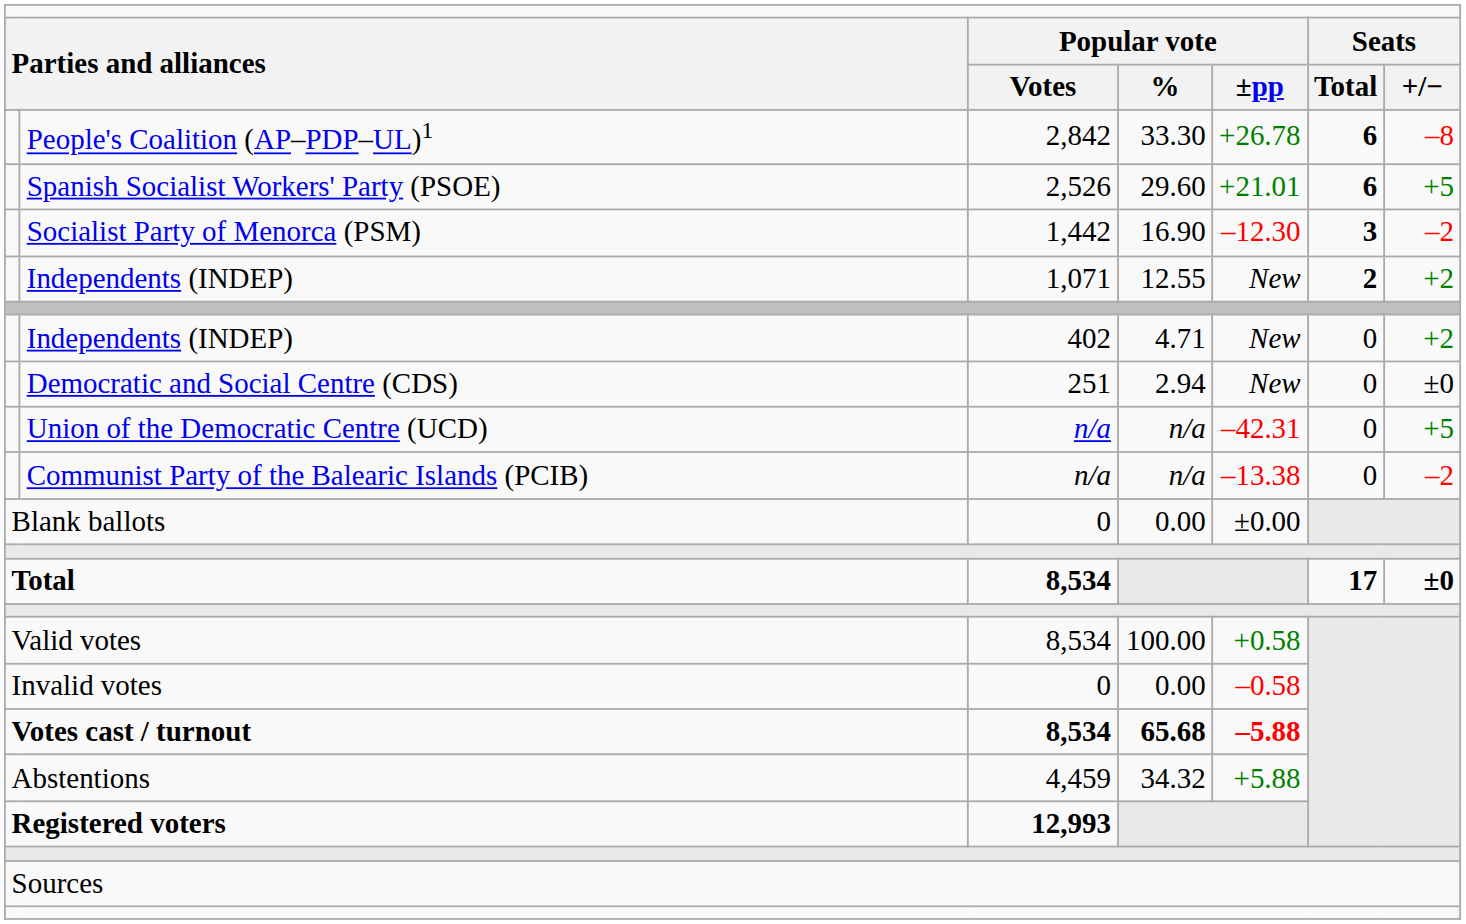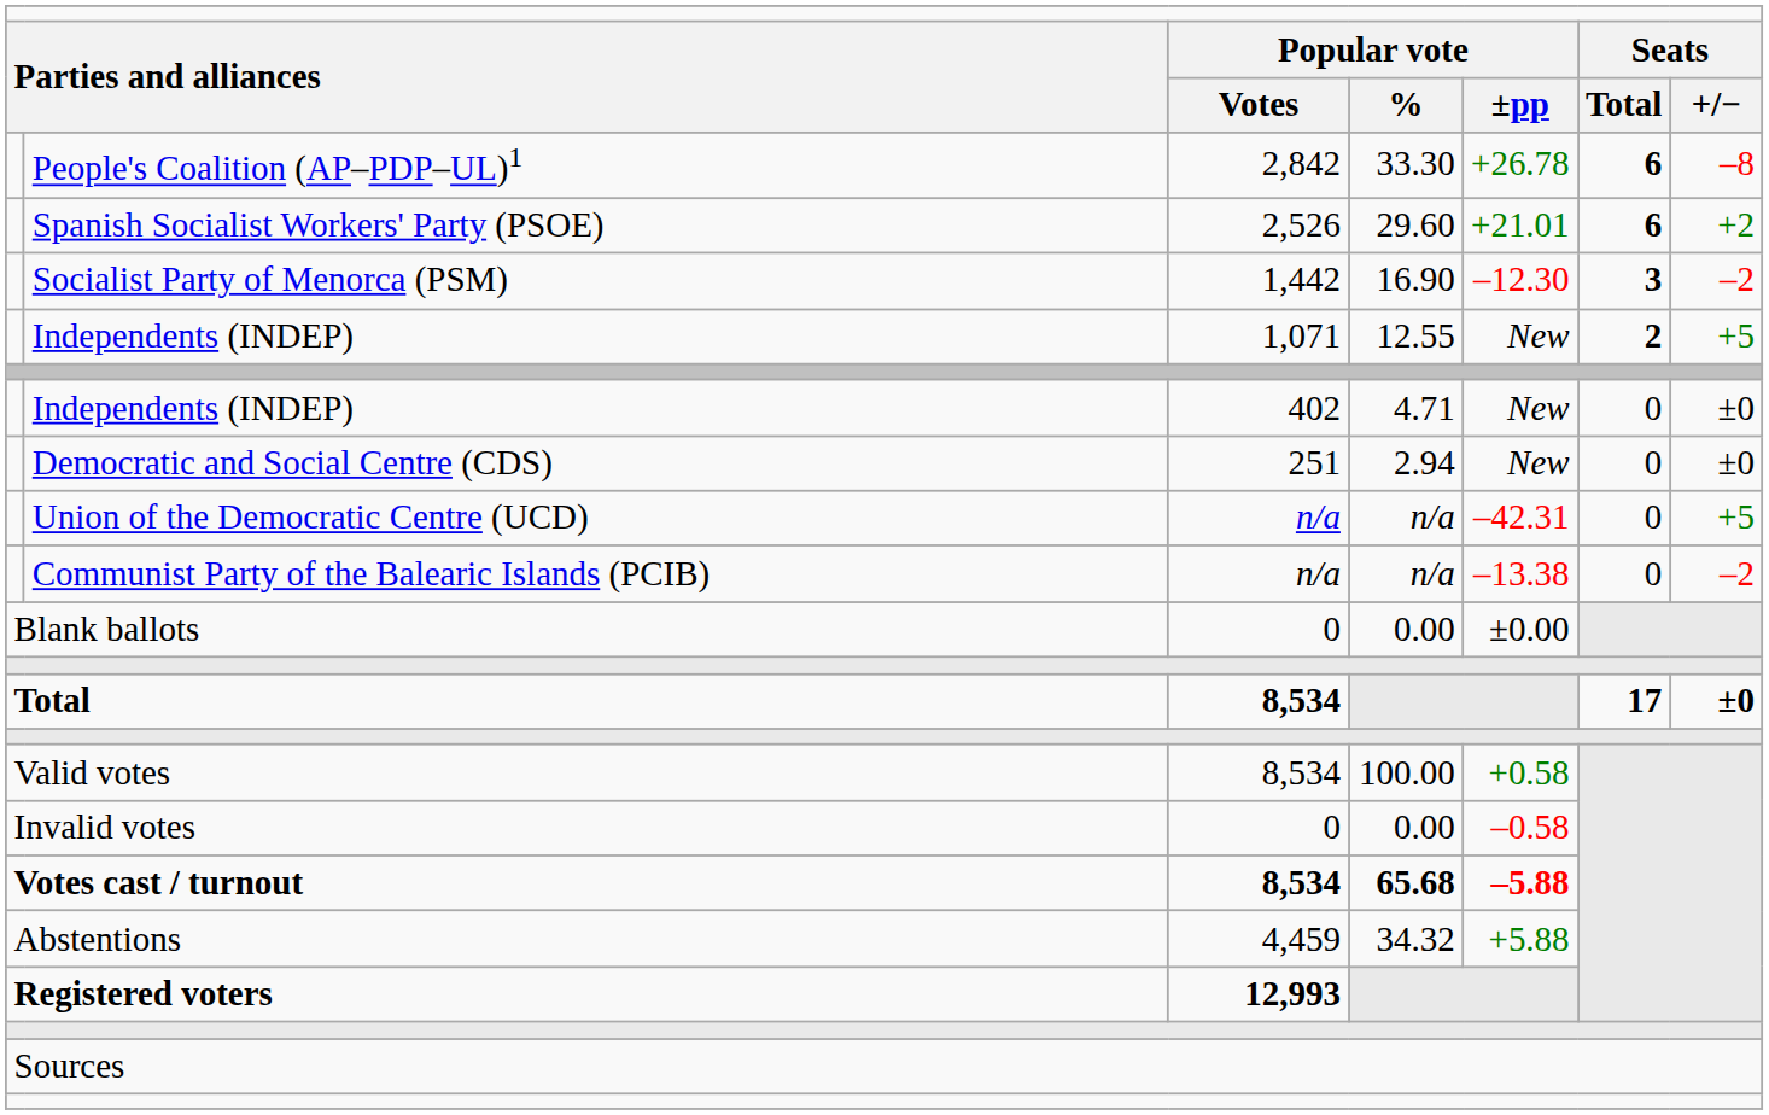 <table class="wikitable" style="text-align:right;">
 <tr>
 <td colspan="7"></td>
 </tr>
 <tr>
 <th style="text-align:left;" rowspan="2" colspan="2" width="525">Parties and alliances</th>
 <th colspan="3">Popular vote</th>
 <th colspan="2">Seats</th>
 </tr>
 <tr>
 <th width="75">Votes</th>
 <th width="45">%</th>
 <th width="45">±<a href='#'>pp</a></th>
 <th width="35">Total</th>
 <th width="35">+/−</th>
 </tr>
 <tr>
 <td width="1" style="color:inherit;background:"></td>
 <td align="left"><a href='#'>People's Coalition</a> (<a href='#'>AP</a>–<a href='#'>PDP</a>–<a href='#'>UL</a>)<sup>1</sup></td>
 <td>2,842</td>
 <td>33.30</td>
 <td style="color:green;">+26.78</td>
 <td><strong>6</strong></td>
 <td style="color:red;">–8</td>
 </tr>
 <tr>
 <td style="color:inherit;background:"></td>
 <td align="left"><a href='#'>Spanish Socialist Workers' Party</a> (PSOE)</td>
 <td>2,526</td>
 <td>29.60</td>
 <td style="color:green;">+21.01</td>
 <td><strong>6</strong></td>
-<td style="color:green;">+5</td>
+<td style="color:green;">+2</td>
 </tr>
 <tr>
 <td style="color:inherit;background:"></td>
 <td align="left"><a href='#'>Socialist Party of Menorca</a> (PSM)</td>
 <td>1,442</td>
 <td>16.90</td>
 <td style="color:red;">–12.30</td>
 <td><strong>3</strong></td>
 <td style="color:red;">–2</td>
 </tr>
 <tr>
 <td style="color:inherit;background:"></td>
 <td align="left"><a href='#'>Independents</a> (INDEP)</td>
 <td>1,071</td>
 <td>12.55</td>
 <td><em>New</em></td>
 <td><strong>2</strong></td>
-<td style="color:green;">+2</td>
+<td style="color:green;">+5</td>
 </tr>
 <tr>
 <td colspan="7" bgcolor="#C0C0C0"></td>
 </tr>
 <tr>
 <td style="color:inherit;background:"></td>
 <td align="left"><a href='#'>Independents</a> (INDEP)</td>
 <td>402</td>
 <td>4.71</td>
 <td><em>New</em></td>
 <td>0</td>
-<td style="color:green;">+2</td>
+<td>±0</td>
 </tr>
 <tr>
 <td style="color:inherit;background:"></td>
 <td align="left"><a href='#'>Democratic and Social Centre</a> (CDS)</td>
 <td>251</td>
 <td>2.94</td>
 <td><em>New</em></td>
 <td>0</td>
 <td>±0</td>
 </tr>
 <tr>
 <td style="color:inherit;background:"></td>
 <td align="left"><a href='#'>Union of the Democratic Centre</a> (UCD)</td>
 <td><em><a href='#'>n/a</a></em></td>
 <td><em>n/a</em></td>
 <td style="color:red;">–42.31</td>
 <td>0</td>
 <td style="color:green;">+5</td>
 </tr>
 <tr>
 <td style="color:inherit;background:"></td>
 <td align="left"><a href='#'>Communist Party of the Balearic Islands</a> (PCIB)</td>
 <td><em>n/a</em></td>
 <td><em>n/a</em></td>
 <td style="color:red;">–13.38</td>
 <td>0</td>
 <td style="color:red;">–2</td>
 </tr>
 <tr>
 <td align="left" colspan="2">Blank ballots</td>
 <td>0</td>
 <td>0.00</td>
 <td>±0.00</td>
 <td bgcolor="#E9E9E9" colspan="2"></td>
 </tr>
 <tr>
 <td colspan="7" bgcolor="#E9E9E9"></td>
 </tr>
 <tr style="font-weight:bold;">
 <td align="left" colspan="2">Total</td>
 <td>8,534</td>
 <td bgcolor="#E9E9E9" colspan="2"></td>
 <td>17</td>
 <td>±0</td>
 </tr>
 <tr>
 <td colspan="7" bgcolor="#E9E9E9"></td>
 </tr>
 <tr>
 <td align="left" colspan="2">Valid votes</td>
 <td>8,534</td>
 <td>100.00</td>
 <td style="color:green;">+0.58</td>
 <td bgcolor="#E9E9E9" colspan="2" rowspan="5"></td>
 </tr>
 <tr>
 <td align="left" colspan="2">Invalid votes</td>
 <td>0</td>
 <td>0.00</td>
 <td style="color:red;">–0.58</td>
 </tr>
 <tr style="font-weight:bold;">
 <td align="left" colspan="2">Votes cast / turnout</td>
 <td>8,534</td>
 <td>65.68</td>
 <td style="color:red;">–5.88</td>
 </tr>
 <tr>
 <td align="left" colspan="2">Abstentions</td>
 <td>4,459</td>
 <td>34.32</td>
 <td style="color:green;">+5.88</td>
 </tr>
 <tr style="font-weight:bold;">
 <td align="left" colspan="2">Registered voters</td>
 <td>12,993</td>
 <td bgcolor="#E9E9E9" colspan="2"></td>
 </tr>
 <tr>
 <td colspan="7" bgcolor="#E9E9E9"></td>
 </tr>
 <tr>
 <td align="left" colspan="7">Sources</td>
 </tr>
 <tr>
 <td colspan="7" style="text-align:left; max-width:790px;"></td>
 </tr>
 </table>
